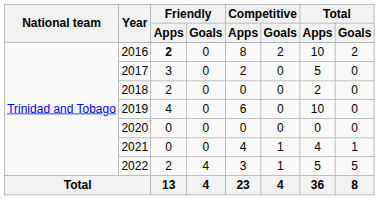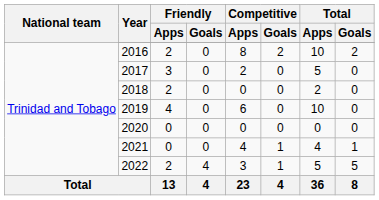 <table class="wikitable" style="text-align:center">
 <tr>
 <th rowspan=2>National team</th>
 <th rowspan=2>Year</th>
 <th colspan=2>Friendly</th>
 <th colspan=2>Competitive</th>
 <th colspan=3>Total</th>
 </tr>
 <tr>
 <th>Apps</th>
 <th>Goals</th>
 <th>Apps</th>
 <th>Goals</th>
 <th>Apps</th>
 <th>Goals</th>
 </tr>
 <tr>
 <td rowspan=8><a href='#'>Trinidad and Tobago</a></td>
 </tr>
 <tr>
 <td>2016</td>
-<td><strong>2</strong></td>
+<td>2</td>
 <td>0</td>
 <td>8</td>
 <td>2</td>
 <td>10</td>
 <td>2</td>
 </tr>
 <tr>
 <td>2017</td>
 <td>3</td>
 <td>0</td>
 <td>2</td>
 <td>0</td>
 <td>5</td>
 <td>0</td>
 </tr>
 <tr>
 <td>2018</td>
 <td>2</td>
 <td>0</td>
 <td>0</td>
 <td>0</td>
 <td>2</td>
 <td>0</td>
 </tr>
 <tr>
 <td>2019</td>
 <td>4</td>
 <td>0</td>
 <td>6</td>
 <td>0</td>
 <td>10</td>
 <td>0</td>
 </tr>
 <tr>
 <td>2020</td>
 <td>0</td>
 <td>0</td>
 <td>0</td>
 <td>0</td>
 <td>0</td>
 <td>0</td>
 </tr>
 <tr>
 <td>2021</td>
 <td>0</td>
 <td>0</td>
 <td>4</td>
 <td>1</td>
 <td>4</td>
 <td>1</td>
 </tr>
 <tr>
 <td>2022</td>
 <td>2</td>
 <td>4</td>
 <td>3</td>
 <td>1</td>
 <td>5</td>
 <td>5</td>
 </tr>
 <tr>
 <th colspan=2>Total</th>
 <th>13</th>
 <th>4</th>
 <th>23</th>
 <th>4</th>
 <th>36</th>
 <th>8</th>
 </tr>
 </table>
